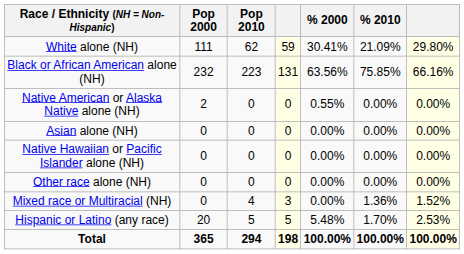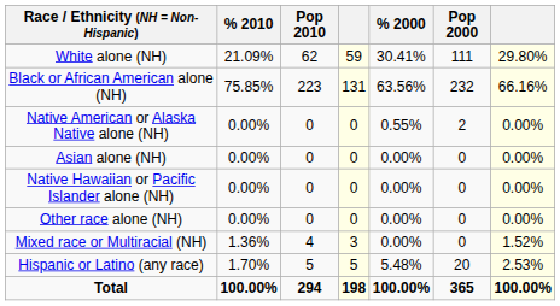 <table class="wikitable" style="text-align:center;">
 <tr>
 <th>Race / Ethnicity <small>(<em>NH = Non-Hispanic</em>)</small></th>
-<th>Pop 2000</th>
+<th>% 2010</th>
 <th>Pop 2010</th>
 <th></th>
 <th>% 2000</th>
-<th>% 2010</th>
+<th>Pop 2000</th>
 <th></th>
 </tr>
 <tr>
 <td><a href='#'>White</a> alone (NH)</td>
-<td>111</td>
+<td>21.09%</td>
 <td>62</td>
 <td style='background: #ffffe6;'>59</td>
 <td>30.41%</td>
-<td>21.09%</td>
+<td>111</td>
 <td style='background: #ffffe6;'>29.80%</td>
 </tr>
 <tr>
 <td><a href='#'>Black or African American</a> alone (NH)</td>
-<td>232</td>
+<td>75.85%</td>
 <td>223</td>
 <td style='background: #ffffe6;'>131</td>
 <td>63.56%</td>
-<td>75.85%</td>
+<td>232</td>
 <td style='background: #ffffe6;'>66.16%</td>
 </tr>
 <tr>
 <td><a href='#'>Native American</a> or <a href='#'>Alaska Native</a> alone (NH)</td>
-<td>2</td>
+<td>0.00%</td>
 <td>0</td>
 <td style='background: #ffffe6;'>0</td>
 <td>0.55%</td>
-<td>0.00%</td>
+<td>2</td>
 <td style='background: #ffffe6;'>0.00%</td>
 </tr>
 <tr>
 <td><a href='#'>Asian</a> alone (NH)</td>
-<td>0</td>
+<td>0.00%</td>
 <td>0</td>
 <td style='background: #ffffe6;'>0</td>
 <td>0.00%</td>
-<td>0.00%</td>
+<td>0</td>
 <td style='background: #ffffe6;'>0.00%</td>
 </tr>
 <tr>
 <td><a href='#'>Native Hawaiian</a> or <a href='#'>Pacific Islander</a> alone (NH)</td>
-<td>0</td>
+<td>0.00%</td>
 <td>0</td>
 <td style='background: #ffffe6;'>0</td>
 <td>0.00%</td>
-<td>0.00%</td>
+<td>0</td>
 <td style='background: #ffffe6;'>0.00%</td>
 </tr>
 <tr>
 <td><a href='#'>Other race</a> alone (NH)</td>
-<td>0</td>
+<td>0.00%</td>
 <td>0</td>
 <td style='background: #ffffe6;'>0</td>
 <td>0.00%</td>
-<td>0.00%</td>
+<td>0</td>
 <td style='background: #ffffe6;'>0.00%</td>
 </tr>
 <tr>
 <td><a href='#'>Mixed race or Multiracial</a> (NH)</td>
-<td>0</td>
+<td>1.36%</td>
 <td>4</td>
 <td style='background: #ffffe6;'>3</td>
 <td>0.00%</td>
-<td>1.36%</td>
+<td>0</td>
 <td style='background: #ffffe6;'>1.52%</td>
 </tr>
 <tr>
 <td><a href='#'>Hispanic or Latino</a> (any race)</td>
-<td>20</td>
+<td>1.70%</td>
 <td>5</td>
 <td style='background: #ffffe6;'>5</td>
 <td>5.48%</td>
-<td>1.70%</td>
+<td>20</td>
 <td style='background: #ffffe6;'>2.53%</td>
 </tr>
 <tr>
 <td><strong>Total</strong></td>
-<td><strong>365</strong></td>
+<td><strong>100.00%</strong></td>
 <td><strong>294</strong></td>
 <td style='background: #ffffe6;'><strong>198</strong></td>
 <td><strong>100.00%</strong></td>
-<td><strong>100.00%</strong></td>
+<td><strong>365</strong></td>
 <td style='background: #ffffe6;'><strong>100.00%</strong></td>
 </tr>
 </table>
